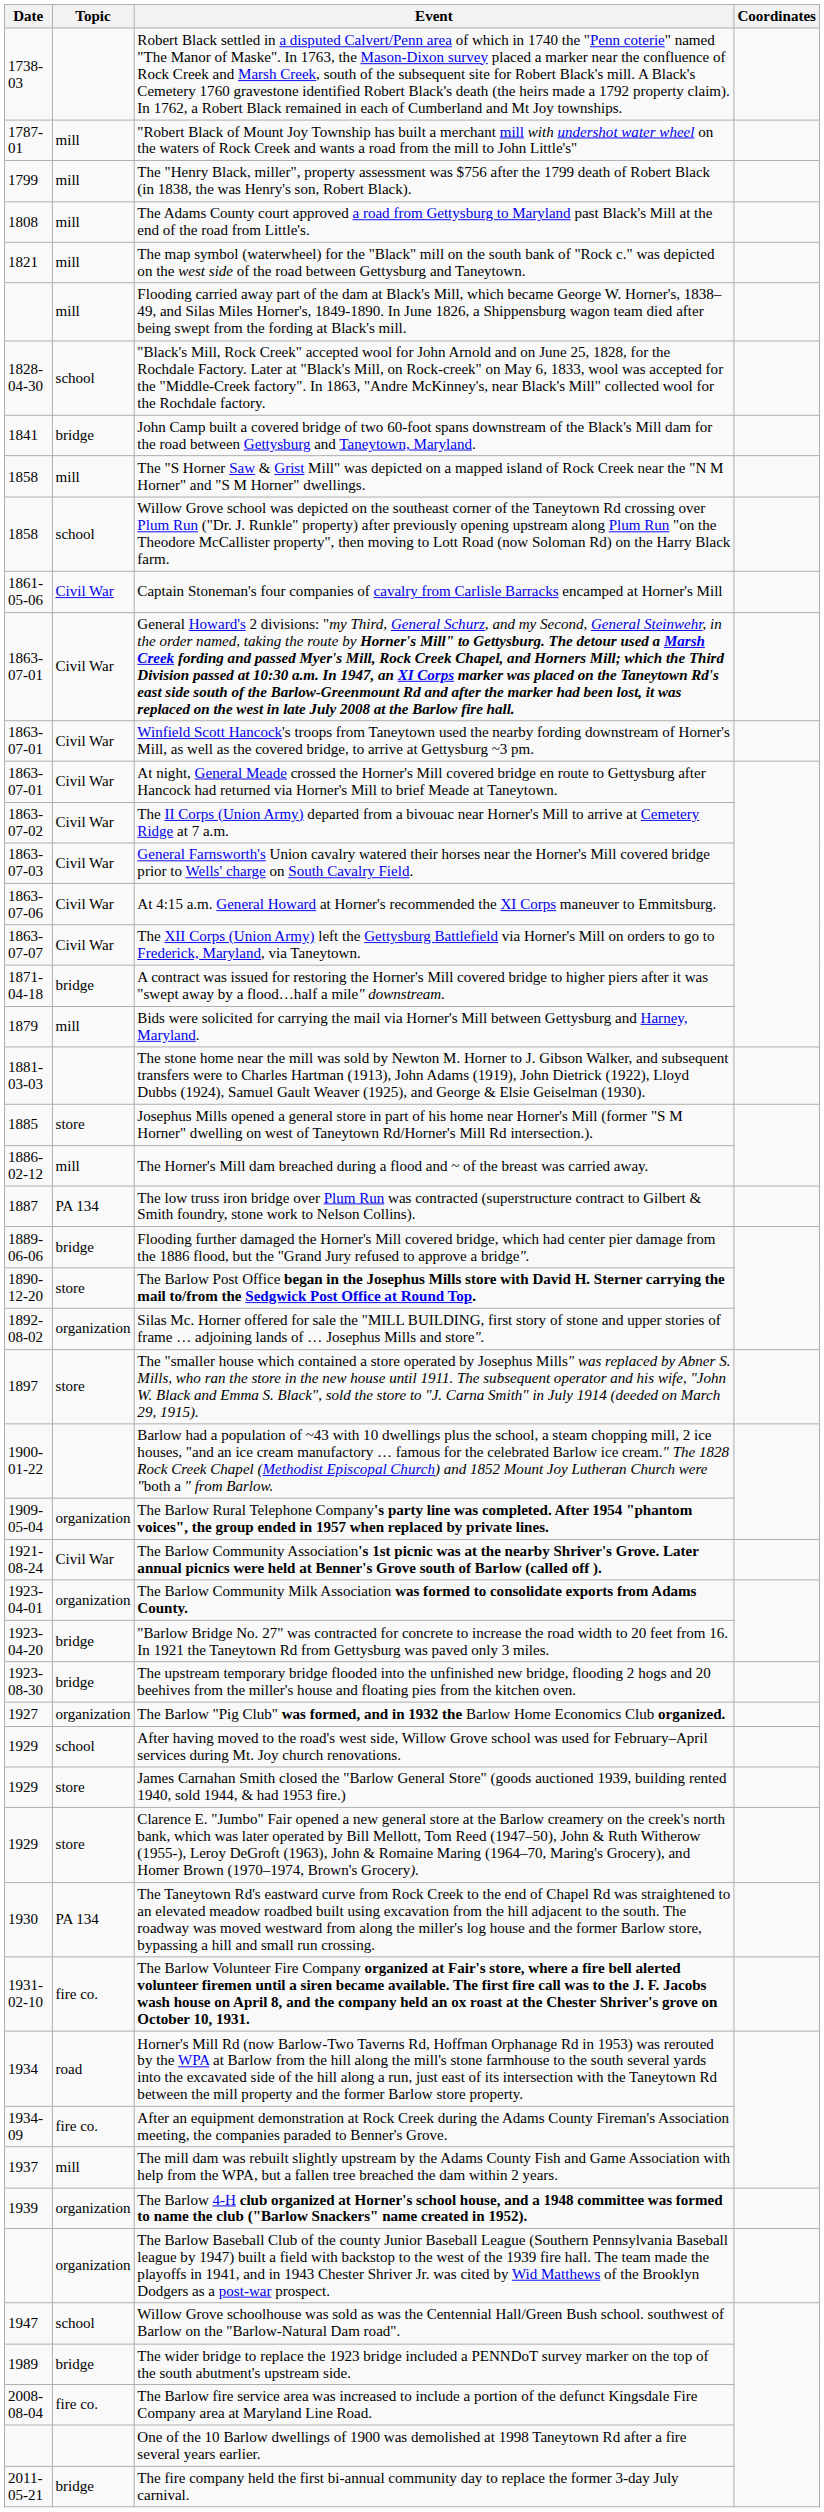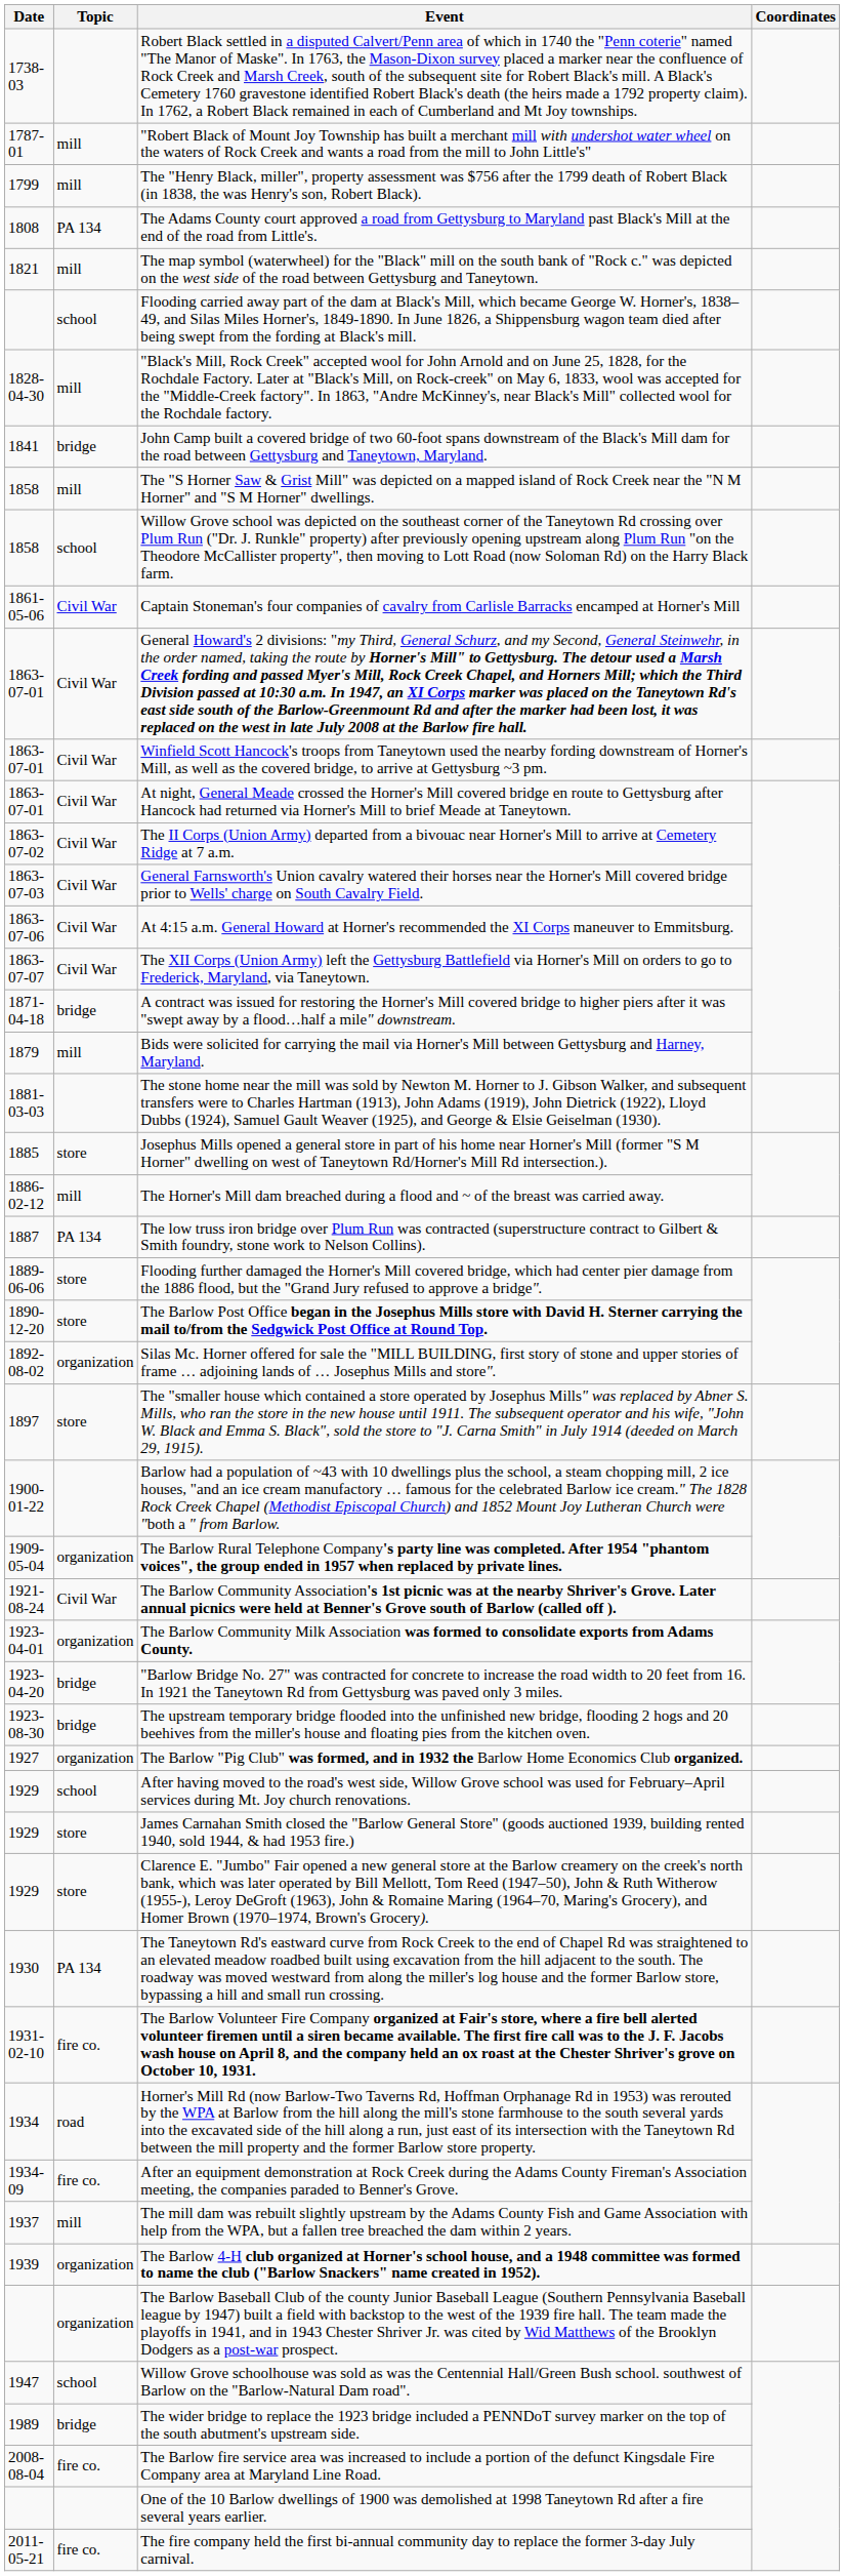 <table class="wikitable sortable">
 <tr>
 <th>Date</th>
 <th>Topic</th>
 <th>Event</th>
 <th>Coordinates</th>
 </tr>
 <tr>
 <td>1738-03</td>
 <td></td>
 <td>Robert Black settled in <a href='#'>a disputed Calvert/Penn area</a> of  which in 1740 the "<a href='#'>Penn coterie</a>" named "The Manor of Maske".  In 1763, the <a href='#'>Mason-Dixon survey</a> placed a marker near the confluence of Rock Creek and <a href='#'>Marsh Creek</a>, south of the subsequent site for Robert Black's mill.   A Black's Cemetery 1760 gravestone identified Robert Black's death (the heirs made a 1792 property claim).  In 1762, a Robert Black remained in each of Cumberland and Mt Joy townships.</td>
 <td><small></small></td>
 </tr>
 <tr>
 <td>1787-01</td>
 <td>mill</td>
 <td>"Robert Black of Mount Joy Township has built a merchant <a href='#'>mill</a> <em>with <a href='#'>undershot water wheel</a></em> on the waters of Rock Creek and wants a road from the mill to John Little's"</td>
 <td><small></small></td>
 </tr>
 <tr>
 <td>1799</td>
 <td>mill</td>
 <td>The "Henry Black, miller", property assessment was $756 after the 1799 death of Robert Black (in 1838, the was Henry's son, Robert Black).</td>
 </tr>
 <tr>
 <td>1808</td>
-<td>mill</td>
+<td>PA 134</td>
 <td>The Adams County court approved <a href='#'>a road from Gettysburg to Maryland</a> past Black's Mill at the end of the road from Little's.</td>
 <td></td>
 </tr>
 <tr>
 <td>1821</td>
 <td>mill</td>
 <td>The map symbol (waterwheel) for the "Black" mill on the south bank of "Rock c." was depicted on the <em>west side</em> of the road between Gettysburg and Taneytown.</td>
 <td></td>
 </tr>
 <tr>
 <td></td>
-<td>mill</td>
+<td>school</td>
 <td>Flooding carried away part of the dam at Black's Mill, which became George W. Horner's, 1838–49, and Silas Miles Horner's, 1849-1890.  In June 1826, a Shippensburg wagon team died after being swept from the fording at Black's mill.</td>
 <td><small></small></td>
 </tr>
 <tr>
 <td>1828-04-30</td>
-<td>school</td>
+<td>mill</td>
 <td>"Black's Mill, Rock Creek" accepted wool for John Arnold and on June 25, 1828, for the Rochdale  Factory.  Later at "Black's Mill, on Rock-creek"  on May 6, 1833, wool was accepted for the "Middle-Creek factory".  In 1863, "Andre McKinney's, near Black's Mill" collected wool for the Rochdale factory.</td>
 </tr>
 <tr>
 <td>1841</td>
 <td>bridge</td>
 <td>John Camp built a covered bridge of two 60-foot spans downstream of the Black's Mill dam for the road between <a href='#'>Gettysburg</a> and <a href='#'>Taneytown, Maryland</a>.</td>
 <td><small></small></td>
 </tr>
 <tr>
 <td>1858</td>
 <td>mill</td>
 <td>The "S Horner <a href='#'>Saw</a> & <a href='#'>Grist</a> Mill" was depicted on a mapped island of Rock Creek near the "N M Horner" and "S M Horner" dwellings.</td>
 </tr>
 <tr>
 <td>1858</td>
 <td>school</td>
 <td>Willow Grove school was depicted on the southeast corner of the Taneytown Rd crossing over <a href='#'>Plum Run</a> ("Dr. J. Runkle" property) after previously opening upstream along <a href='#'>Plum Run</a> "on the Theodore McCallister property", then moving to Lott Road (now Soloman Rd) on the Harry Black farm.</td>
 <td><small></small></td>
 </tr>
 <tr>
 <td>1861-05-06</td>
 <td><a href='#'>Civil War</a></td>
 <td>Captain Stoneman's four companies of <a href='#'>cavalry from Carlisle Barracks</a> encamped at Horner's Mill</td>
 </tr>
 <tr>
 <td>1863-07-01</td>
 <td>Civil War</td>
 <td>General <a href='#'>Howard's</a> 2 divisions: "<em>my Third, <a href='#'>General Schurz</a>, and my Second, <a href='#'>General Steinwehr</a>, in the order named, taking the route by <strong>Horner's Mill<strong><em>" to Gettysburg.  The detour used a <a href='#'>Marsh Creek</a> fording and passed Myer's Mill, Rock Creek Chapel, and Horners Mill; which the Third Division passed at 10:30 a.m.  In 1947, an <a href='#'>XI Corps</a> marker was placed on the Taneytown Rd's east side south of the Barlow-Greenmount Rd and after the marker had been lost, it was replaced on the west in late July 2008 at the Barlow fire hall.</td>
 <td><small></small></td>
 </tr>
 <tr>
 <td>1863-07-01</td>
 <td>Civil War</td>
 <td><a href='#'>Winfield Scott Hancock</a>'s troops from Taneytown used the nearby fording downstream of Horner's Mill, as well as the covered bridge, to arrive at Gettysburg ~3 pm.</td>
 <td><small></small></td>
 </tr>
 <tr>
 <td>1863-07-01</td>
 <td>Civil War</td>
 <td>At night, <a href='#'>General Meade</a> crossed the Horner's Mill covered bridge en route to Gettysburg after Hancock had returned via Horner's Mill to brief Meade at Taneytown.</td>
 </tr>
 <tr>
 <td>1863-07-02</td>
 <td>Civil War</td>
 <td>The <a href='#'>II Corps (Union Army)</a> departed from a bivouac near Horner's Mill to arrive at <a href='#'>Cemetery Ridge</a> at 7 a.m.</td>
 </tr>
 <tr>
 <td>1863-07-03</td>
 <td>Civil War</td>
 <td><a href='#'>General Farnsworth's</a> Union cavalry watered their horses near the Horner's Mill covered bridge prior to <a href='#'>Wells' charge</a> on <a href='#'>South Cavalry Field</a>.</td>
 </tr>
 <tr>
 <td>1863-07-06</td>
 <td>Civil War</td>
 <td>At 4:15 a.m. <a href='#'>General Howard</a> at Horner's recommended the <a href='#'>XI Corps</a> maneuver to Emmitsburg.</td>
 </tr>
 <tr>
 <td>1863-07-07</td>
 <td>Civil War</td>
 <td>The <a href='#'>XII Corps (Union Army)</a> left the <a href='#'>Gettysburg Battlefield</a> via Horner's Mill on orders to go to <a href='#'>Frederick, Maryland</a>, via Taneytown.</td>
 </tr>
 <tr>
 <td>1871-04-18</td>
 <td>bridge</td>
 <td>A contract was issued  for restoring the Horner's Mill covered bridge to higher piers after it was "</em>swept away by a flood…half a mile<em>" downstream.</td>
 </tr>
 <tr>
 <td>1879</td>
 <td>mill</td>
 <td>Bids were solicited for carrying the mail via Horner's Mill between Gettysburg and <a href='#'>Harney, Maryland</a>.</td>
 </tr>
 <tr>
 <td>1881-03-03</td>
 <td></td>
 <td>The stone home near the mill was sold by Newton M. Horner to J. Gibson Walker, and subsequent transfers were to Charles Hartman (1913), John Adams (1919), John Dietrick (1922), Lloyd Dubbs (1924), Samuel Gault Weaver (1925), and George & Elsie Geiselman (1930).</td>
 <td><small></small></td>
 </tr>
 <tr>
 <td>1885</td>
 <td>store</td>
 <td>Josephus Mills opened a general store in part of his home near Horner's Mill (former "S M Horner" dwelling on west of Taneytown Rd/Horner's Mill Rd intersection.).</td>
 </tr>
 <tr>
 <td>1886-02-12</td>
 <td>mill</td>
 <td>The Horner's Mill dam breached during a flood and ~ of the breast was carried away.</td>
 </tr>
 <tr>
 <td>1887</td>
 <td>PA 134</td>
 <td>The low truss iron bridge over <a href='#'>Plum Run</a> was contracted (superstructure contract to Gilbert & Smith foundry, stone work to Nelson Collins).</td>
 <td><small></small></td>
 </tr>
 <tr>
 <td>1889-06-06</td>
-<td>bridge</td>
+<td>store</td>
 <td>Flooding further damaged the Horner's Mill covered bridge, which had center pier damage from the 1886 flood,  but the "</em>Grand Jury refused to approve a bridge<em>".</td>
 </tr>
 <tr>
 <td>1890-12-20</td>
 <td>store</td>
 <td>The </strong>Barlow Post Office<strong> began in the Josephus Mills store with David H. Sterner carrying the mail to/from the <a href='#'>Sedgwick Post Office at Round Top</a>.</td>
 </tr>
 <tr>
 <td>1892-08-02</td>
 <td>organization</td>
 <td>Silas Mc. Horner offered for sale the "</em>MILL BUILDING, first story of stone and upper stories of frame … adjoining lands of … Josephus Mills and  store<em>".</td>
 </tr>
 <tr>
 <td>1897</td>
 <td>store</td>
 <td>The "</em>smaller house which contained a store operated by Josephus Mills<em>" was replaced by Abner S. Mills, who ran the store in the new house until 1911.  The subsequent operator and his wife, "John W. Black and Emma S. Black", sold the store to "J. Carna Smith" in July 1914 (deeded on March 29, 1915).</td>
 <td><small></small></td>
 </tr>
 <tr>
 <td>1900-01-22</td>
 <td></td>
 <td>Barlow had a population of ~43 with 10 dwellings plus the school, a steam chopping mill, 2 ice houses, "</em>and an ice cream manufactory … famous for the celebrated Barlow ice cream.<em>"  The 1828 Rock Creek Chapel (<a href='#'>Methodist Episcopal Church</a>) and 1852 Mount Joy Lutheran Church were "</em>both a <em>" from Barlow. </td>
 </tr>
 <tr>
 <td>1909-05-04</td>
 <td>organization</td>
 <td>The </strong>Barlow Rural Telephone Company<strong>'s party line was completed.  After 1954 "phantom voices", the group ended in 1957 when replaced by private lines.</td>
 </tr>
 <tr>
 <td>1921-08-24</td>
 <td>Civil War</td>
 <td>The </strong>Barlow Community Association<strong>'s 1st picnic was at the nearby Shriver's Grove.  Later annual picnics were held at Benner's Grove south of Barlow (called off ).</td>
 <td><small></small></td>
 </tr>
 <tr>
 <td>1923-04-01</td>
 <td>organization</td>
 <td>The </strong>Barlow Community Milk Association<strong> was formed to consolidate exports from Adams County.</td>
 </tr>
 <tr>
 <td>1923-04-20</td>
 <td>bridge</td>
 <td>"Barlow Bridge No. 27" was contracted for concrete to increase the road width to 20 feet from 16. In 1921 the Taneytown Rd from Gettysburg was paved only 3 miles.</td>
 </tr>
 <tr>
 <td>1923-08-30</td>
 <td>bridge</td>
 <td>The upstream temporary bridge flooded into the unfinished new bridge, flooding 2 hogs and 20 beehives from the miller's house and floating pies from the kitchen oven.</td>
 <td><small></small></td>
 </tr>
 <tr>
 <td>1927</td>
 <td>organization</td>
 <td>The </strong>Barlow "Pig Club"<strong> was formed, and in 1932 the </strong>Barlow Home Economics Club<strong> organized.</td>
 </tr>
 <tr>
 <td>1929</td>
 <td>school</td>
 <td>After having moved to the road's west side, Willow Grove school was used for February–April services during Mt. Joy church renovations.</td>
 <td><small></small></td>
 </tr>
 <tr>
 <td>1929</td>
 <td>store</td>
 <td>James Carnahan Smith closed the "Barlow General Store" (goods auctioned 1939, building rented 1940, sold 1944, & had 1953 fire.)</td>
 </tr>
 <tr>
 <td>1929</td>
 <td>store</td>
 <td>Clarence E. "Jumbo" Fair opened a new general store at the Barlow creamery on the creek's north bank, which was later operated by Bill Mellott, Tom Reed (1947–50), John & Ruth Witherow (1955-), Leroy DeGroft (1963), John & Romaine Maring (1964–70, Maring's Grocery), and Homer Brown (1970–1974, </em>Brown's Grocery<em>).</td>
 <td><small></small></td>
 </tr>
 <tr>
 <td>1930</td>
 <td>PA 134</td>
 <td>The Taneytown Rd's eastward curve from Rock Creek to the end of Chapel Rd was straightened to an elevated meadow roadbed built using excavation from the hill adjacent to the south.  The roadway was moved westward from along the miller's log house and the former Barlow store, bypassing a hill and small run crossing.</td>
 <td><small></small></td>
 </tr>
 <tr>
 <td>1931-02-10</td>
 <td>fire co.</td>
 <td>The </strong>Barlow Volunteer Fire Company<strong> organized at Fair's store, where a fire bell alerted volunteer firemen until a siren became available.  The first fire call was to the J. F. Jacobs wash house on April 8, and the company held an ox roast at the Chester Shriver's grove on October 10, 1931.</td>
 <td><small></small></td>
 </tr>
 <tr>
 <td>1934</td>
 <td>road</td>
 <td>Horner's Mill Rd (now Barlow-Two Taverns Rd, Hoffman Orphanage Rd in 1953) was rerouted by the <a href='#'>WPA</a> at Barlow from the hill along the mill's stone farmhouse to the south several yards into the excavated  side of the hill along a run, just east of its intersection with the Taneytown Rd between the mill property and the former Barlow store property.</td>
 </tr>
 <tr>
 <td>1934-09</td>
 <td>fire co.</td>
 <td>After an equipment demonstration at Rock Creek during the Adams County Fireman's Association meeting, the companies paraded to Benner's Grove.</td>
 </tr>
 <tr>
 <td>1937</td>
 <td>mill</td>
 <td>The mill dam was rebuilt slightly upstream by the Adams County Fish and Game Association with help from the WPA, but a fallen tree breached the dam within 2 years.</td>
 </tr>
 <tr>
 <td>1939</td>
 <td>organization</td>
 <td>The </strong>Barlow <a href='#'>4-H</a><strong> club organized at  Horner's school house, and a 1948 committee was formed to name the club ("Barlow Snackers" name created in 1952).</td>
 <td><small></small></td>
 </tr>
 <tr>
 <td></td>
 <td>organization</td>
 <td>The Barlow Baseball Club of the county Junior Baseball League (Southern Pennsylvania Baseball league by 1947) built a field with backstop to the west of the 1939 fire hall.  The team made the playoffs in 1941, and in 1943 Chester Shriver Jr. was cited by <a href='#'>Wid Matthews</a> of the Brooklyn Dodgers as a <a href='#'>post-war</a> prospect.</td>
 <td><small></small></td>
 </tr>
 <tr>
 <td>1947</td>
 <td>school</td>
 <td>Willow Grove schoolhouse was sold  as was the Centennial Hall/Green Bush school. southwest of Barlow on the "Barlow-Natural Dam road".</td>
 </tr>
 <tr>
 <td>1989</td>
 <td>bridge</td>
 <td>The wider bridge to replace the 1923 bridge included a PENNDoT survey marker on the top of the south abutment's upstream side.</td>
 </tr>
 <tr>
 <td>2008-08-04</td>
 <td>fire co.</td>
 <td>The Barlow fire service area was increased to include a portion of the defunct Kingsdale Fire Company area at Maryland Line Road.</td>
 </tr>
 <tr>
 <td></td>
 <td></td>
 <td>One of the 10 Barlow dwellings of 1900 was demolished at 1998 Taneytown Rd after a fire several years earlier.</td>
 </tr>
 <tr>
 <td>2011-05-21</td>
-<td>bridge</td>
+<td>fire co.</td>
 <td>The fire company held the first bi-annual community day to replace the former 3-day July carnival.</td>
 </tr>
 </table>
